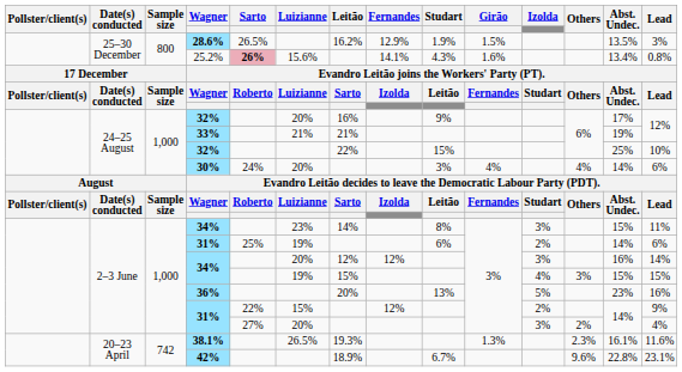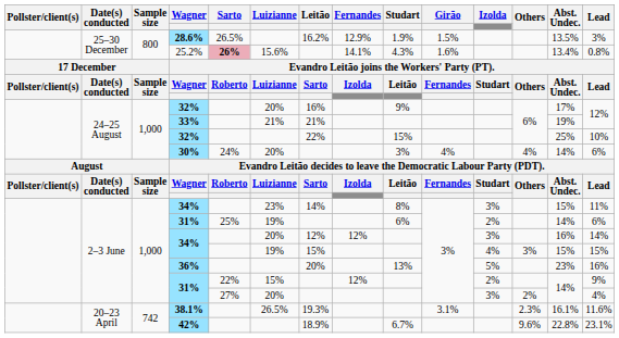 <table class="wikitable" style="text-align:center;font-size:90%;line-height:14px;">
 <tr>
 <th rowspan="2">Pollster/client(s)</th>
 <th rowspan="2">Date(s) <br>conducted</th>
 <th rowspan="2">Sample <br>size</th>
 <th class="unsortable" style="width:50px;"><a href='#'>Wagner</a><br></th>
 <th class="unsortable" style="width:50px;"><a href='#'>Sarto</a><br></th>
 <th class="unsortable" style="width:50px;"><a href='#'>Luizianne</a><br></th>
 <th class="unsortable" style="width:50px;">Leitão<br></th>
 <th class="unsortable" style="width:50px;"><a href='#'>Fernandes</a><br></th>
 <th class="unsortable" style="width:50px;">Studart<br></th>
 <th class="unsortable" style="width:50px;"><a href='#'>Girão</a><br></th>
 <th class="unsortable" style="width:50px;"><a href='#'>Izolda</a><br></th>
 <th rowspan="2">Others</th>
 <th rowspan="2">Abst.<br>Undec.</th>
 <th rowspan="2">Lead</th>
 </tr>
 <tr>
 <th data-sort-type="number" class="sortable" style="background:"></th>
 <th data-sort-type="number" class="sortable" style="background:"></th>
 <th data-sort-type="number" class="sortable" style="background:"></th>
 <th data-sort-type="number" class="sortable" style="background:"></th>
 <th data-sort-type="number" class="sortable" style="background:"></th>
 <th data-sort-type="number" class="sortable" style="background:"></th>
 <th data-sort-type="number" class="sortable" style="background:"></th>
 <th data-sort-type="number" class="sortable" style="background:#8d8d8d; "></th>
 </tr>
 <tr>
 <td rowspan="2"></td>
 <td rowspan="2">25–30 December</td>
 <td rowspan="2">800</td>
 <td style="background:#97e3ff;"><strong>28.6%</strong></td>
 <td>26.5%</td>
 <td></td>
 <td>16.2%</td>
 <td>12.9%</td>
 <td>1.9%</td>
 <td>1.5%</td>
 <td></td>
 <td></td>
 <td>13.5%</td>
 <td style="background:">3%</td>
 </tr>
 <tr>
 <td>25.2%</td>
 <td style="background:#ecadb9;"><strong>26%</strong></td>
 <td>15.6%</td>
 <td></td>
 <td>14.1%</td>
 <td>4.3%</td>
 <td>1.6%</td>
 <td></td>
 <td></td>
 <td>13.4%</td>
 <td style="background:">0.8%</td>
 </tr>
 <tr>
 <th colspan="3">17 December</th>
 <th colspan="11">Evandro Leitão joins the Workers' Party (PT).</th>
 </tr>
 <tr>
 <th rowspan="2">Pollster/client(s)</th>
 <th rowspan="2">Date(s) <br>conducted</th>
 <th rowspan="2">Sample <br>size</th>
 <th class="unsortable" style="width:50px;"><a href='#'>Wagner</a><br></th>
 <th class="unsortable" style="width:50px;"><a href='#'>Roberto</a><br></th>
 <th class="unsortable" style="width:50px;"><a href='#'>Luizianne</a><br></th>
 <th class="unsortable" style="width:50px;"><a href='#'>Sarto</a><br></th>
 <th class="unsortable" style="width:50px;"><a href='#'>Izolda</a><br></th>
 <th class="unsortable" style="width:50px;">Leitão<br></th>
 <th class="unsortable" style="width:50px;"><a href='#'>Fernandes</a><br></th>
 <th class="unsortable" style="width:50px;">Studart<br></th>
 <th rowspan="2">Others</th>
 <th rowspan="2">Abst.<br>Undec.</th>
 <th rowspan="2">Lead</th>
 </tr>
 <tr>
 <th data-sort-type="number" class="sortable" style="background:"></th>
 <th data-sort-type="number" class="sortable" style="background:"></th>
 <th data-sort-type="number" class="sortable" style="background:"></th>
 <th data-sort-type="number" class="sortable" style="background:"></th>
 <th data-sort-type="number" class="sortable" style="background:#8d8d8d; "></th>
 <th data-sort-type="number" class="sortable" style="background:#8d8d8d; "></th>
 <th data-sort-type="number" class="sortable" style="background:"></th>
 <th data-sort-type="number" class="sortable" style="background:"></th>
 </tr>
 <tr>
 <td rowspan="4"></td>
 <td rowspan="4">24–25 August</td>
 <td rowspan="4">1,000</td>
 <td style="background:#97e3ff;"><strong>32%</strong></td>
 <td></td>
 <td>20%</td>
 <td>16%</td>
 <td></td>
 <td>9%</td>
 <td></td>
 <td></td>
 <td rowspan="3">6%</td>
 <td>17%</td>
 <td rowspan="2" style="background:">12%</td>
 </tr>
 <tr>
 <td style="background:#97e3ff;"><strong>33%</strong></td>
 <td></td>
 <td>21%</td>
 <td>21%</td>
 <td></td>
 <td></td>
 <td></td>
 <td></td>
 <td>19%</td>
 </tr>
 <tr>
 <td style="background:#97e3ff;"><strong>32%</strong></td>
 <td></td>
 <td></td>
 <td>22%</td>
 <td></td>
 <td>15%</td>
 <td></td>
 <td></td>
 <td>25%</td>
 <td style="background:">10%</td>
 </tr>
 <tr>
 <td style="background:#97e3ff;"><strong>30%</strong></td>
 <td>24%</td>
 <td>20%</td>
 <td></td>
 <td></td>
 <td>3%</td>
 <td>4%</td>
 <td></td>
 <td>4%</td>
 <td>14%</td>
 <td style="background:">6%</td>
 </tr>
 <tr>
 <th colspan="3">August</th>
 <th colspan="11">Evandro Leitão decides to leave the Democratic Labour Party (PDT).</th>
 </tr>
 <tr>
 <th rowspan="2">Pollster/client(s)</th>
 <th rowspan="2">Date(s) <br>conducted</th>
 <th rowspan="2">Sample <br>size</th>
 <th class="unsortable" style="width:50px;"><a href='#'>Wagner</a><br></th>
 <th class="unsortable" style="width:50px;"><a href='#'>Roberto</a><br></th>
 <th class="unsortable" style="width:50px;"><a href='#'>Luizianne</a><br></th>
 <th class="unsortable" style="width:50px;"><a href='#'>Sarto</a><br></th>
 <th class="unsortable" style="width:50px;"><a href='#'>Izolda</a><br></th>
 <th class="unsortable" style="width:50px;">Leitão<br></th>
 <th class="unsortable" style="width:50px;"><a href='#'>Fernandes</a><br></th>
 <th class="unsortable" style="width:50px;">Studart<br></th>
 <th rowspan="2" class="unsortable">Others</th>
 <th rowspan="2" class="unsortable">Abst.<br>Undec.</th>
 <th rowspan="2" class="unsortable">Lead</th>
 </tr>
 <tr>
 <th data-sort-type="number" class="sortable" style="background:"></th>
 <th data-sort-type="number" class="sortable" style="background:"></th>
 <th data-sort-type="number" class="sortable" style="background:"></th>
 <th data-sort-type="number" class="sortable" style="background:"></th>
 <th data-sort-type="number" class="sortable" style="background:#8d8d8d; "></th>
 <th data-sort-type="number" class="sortable" style="background:"></th>
 <th data-sort-type="number" class="sortable" style="background:"></th>
 <th data-sort-type="number" class="sortable" style="background:"></th>
 </tr>
 <tr>
 <td rowspan="7"></td>
 <td rowspan="7">2–3 June</td>
 <td rowspan="7">1,000</td>
 <td style="background:#97e3ff;"><strong>34%</strong></td>
 <td></td>
 <td>23%</td>
 <td>14%</td>
 <td></td>
 <td>8%</td>
 <td rowspan="7">3%</td>
 <td>3%</td>
 <td></td>
 <td>15%</td>
 <td style="background:">11%</td>
 </tr>
 <tr>
 <td style="background:#97e3ff;"><strong>31%</strong></td>
 <td>25%</td>
 <td>19%</td>
 <td></td>
 <td></td>
 <td>6%</td>
 <td>2%</td>
 <td></td>
 <td>14%</td>
 <td style="background:">6%</td>
 </tr>
 <tr>
 <td rowspan="2" style="background:#97e3ff;"><strong>34%</strong></td>
 <td></td>
 <td>20%</td>
 <td>12%</td>
 <td>12%</td>
 <td></td>
 <td>3%</td>
 <td></td>
 <td>16%</td>
 <td style="background:">14%</td>
 </tr>
 <tr>
 <td></td>
 <td>19%</td>
 <td>15%</td>
 <td></td>
 <td></td>
 <td>4%</td>
 <td>3%</td>
 <td>15%</td>
 <td style="background:">15%</td>
 </tr>
 <tr>
 <td style="background:#97e3ff;"><strong>36%</strong></td>
 <td></td>
 <td></td>
 <td>20%</td>
 <td></td>
 <td>13%</td>
 <td>5%</td>
 <td></td>
 <td>23%</td>
 <td style="background:">16%</td>
 </tr>
 <tr>
 <td rowspan="2" style="background:#97e3ff;"><strong>31%</strong></td>
 <td>22%</td>
 <td>15%</td>
 <td></td>
 <td>12%</td>
 <td></td>
 <td>2%</td>
 <td></td>
 <td rowspan="2">14%</td>
 <td style="background:">9%</td>
 </tr>
 <tr>
 <td>27%</td>
 <td>20%</td>
 <td></td>
 <td></td>
 <td></td>
 <td>3%</td>
 <td>2%</td>
 <td style="background:">4%</td>
 </tr>
 <tr>
 <td rowspan="2"></td>
 <td rowspan="2">20–23 April</td>
 <td rowspan="2">742</td>
 <td style="background:#97e3ff;"><strong>38.1%</strong></td>
 <td></td>
 <td>26.5%</td>
 <td>19.3%</td>
 <td></td>
 <td></td>
-<td>1.3%</td>
+<td>3.1%</td>
 <td></td>
 <td>2.3%</td>
 <td>16.1%</td>
 <td style="background:">11.6%</td>
 </tr>
 <tr>
 <td style="background:#97e3ff;"><strong>42%</strong></td>
 <td></td>
 <td></td>
 <td>18.9%</td>
 <td></td>
 <td>6.7%</td>
 <td></td>
 <td></td>
 <td>9.6%</td>
 <td>22.8%</td>
 <td style="background:">23.1%</td>
 </tr>
 </table>
